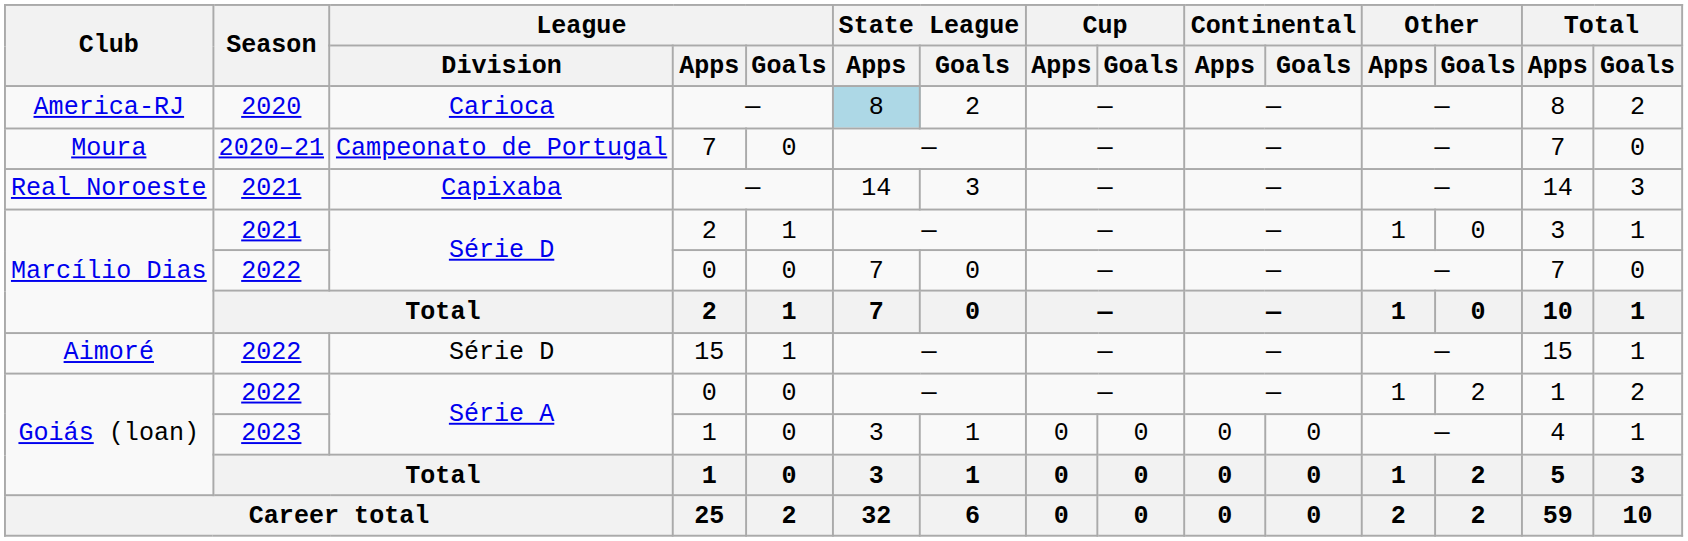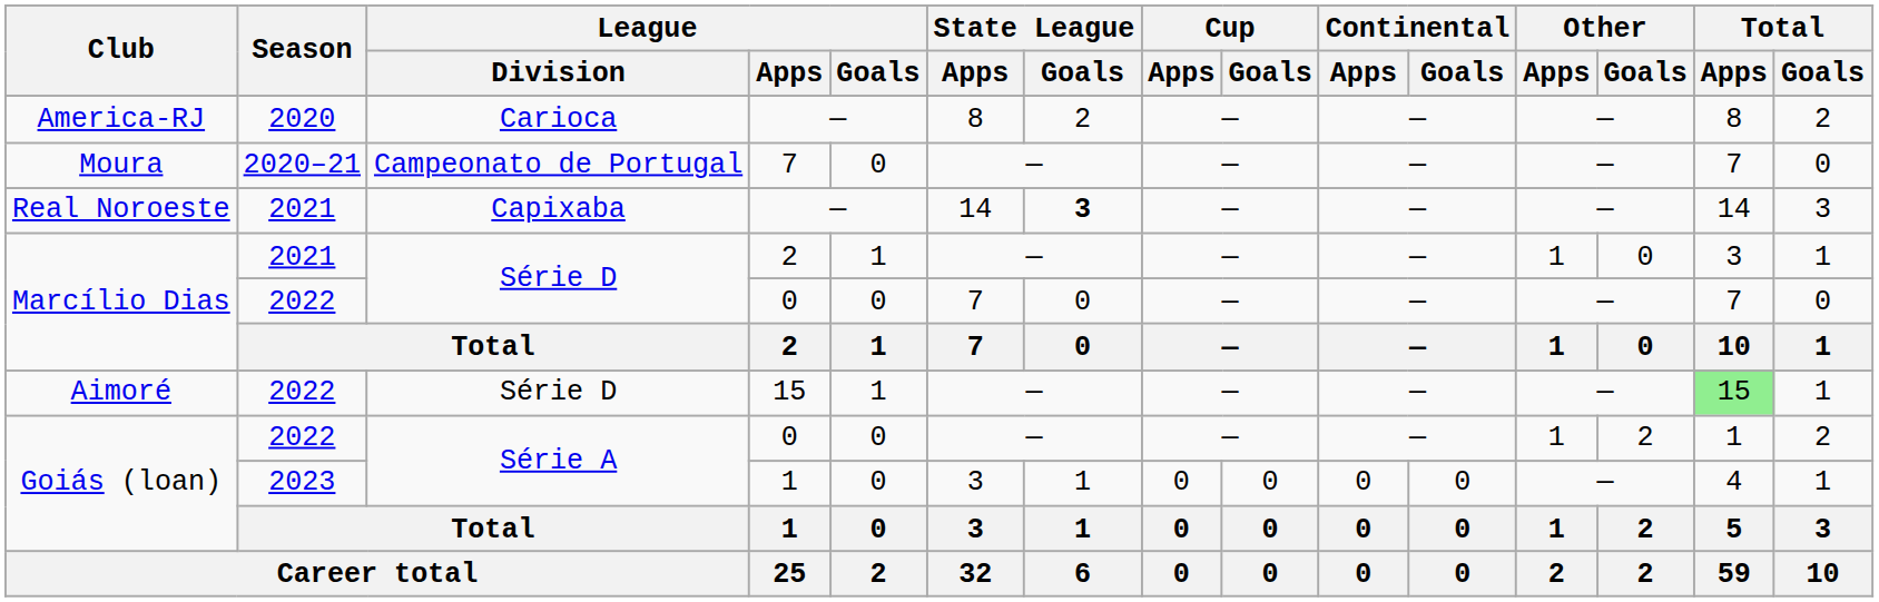 <table class="wikitable" style="text-align: center;">
 <tr>
 <th rowspan="2">Club</th>
 <th rowspan="2">Season</th>
 <th colspan="3">League</th>
 <th colspan="2">State League</th>
 <th colspan="2">Cup</th>
 <th colspan="2">Continental</th>
 <th colspan="2">Other</th>
 <th colspan="2">Total</th>
 </tr>
 <tr>
 <th>Division</th>
 <th>Apps</th>
 <th>Goals</th>
 <th>Apps</th>
 <th>Goals</th>
 <th>Apps</th>
 <th>Goals</th>
 <th>Apps</th>
 <th>Goals</th>
 <th>Apps</th>
 <th>Goals</th>
 <th>Apps</th>
 <th>Goals</th>
 </tr>
 <tr>
 <td valign="center"><a href='#'>America-RJ</a></td>
 <td><a href='#'>2020</a></td>
 <td><a href='#'>Carioca</a></td>
 <td colspan="2">—</td>
-<td style="background: lightblue;">8</td>
+<td>8</td>
 <td>2</td>
 <td colspan="2">—</td>
 <td colspan="2">—</td>
 <td colspan="2">—</td>
 <td>8</td>
 <td>2</td>
 </tr>
 <tr>
 <td valign="center"><a href='#'>Moura</a></td>
 <td><a href='#'>2020–21</a></td>
 <td><a href='#'>Campeonato de Portugal</a></td>
 <td>7</td>
 <td>0</td>
 <td colspan="2">—</td>
 <td colspan="2">—</td>
 <td colspan="2">—</td>
 <td colspan="2">—</td>
 <td>7</td>
 <td>0</td>
 </tr>
 <tr>
 <td valign="center"><a href='#'>Real Noroeste</a></td>
 <td><a href='#'>2021</a></td>
 <td><a href='#'>Capixaba</a></td>
 <td colspan="2">—</td>
 <td>14</td>
-<td>3</td>
+<td><strong>3</strong></td>
 <td colspan="2">—</td>
 <td colspan="2">—</td>
 <td colspan="2">—</td>
 <td>14</td>
 <td>3</td>
 </tr>
 <tr>
 <td rowspan="3" valign="center"><a href='#'>Marcílio Dias</a></td>
 <td><a href='#'>2021</a></td>
 <td rowspan="2"><a href='#'>Série D</a></td>
 <td>2</td>
 <td>1</td>
 <td colspan="2">—</td>
 <td colspan="2">—</td>
 <td colspan="2">—</td>
 <td>1</td>
 <td>0</td>
 <td>3</td>
 <td>1</td>
 </tr>
 <tr>
 <td><a href='#'>2022</a></td>
 <td>0</td>
 <td>0</td>
 <td>7</td>
 <td>0</td>
 <td colspan="2">—</td>
 <td colspan="2">—</td>
 <td colspan="2">—</td>
 <td>7</td>
 <td>0</td>
 </tr>
 <tr>
 <th colspan="2">Total</th>
 <th>2</th>
 <th>1</th>
 <th>7</th>
 <th>0</th>
 <th colspan="2">—</th>
 <th colspan="2">—</th>
 <th>1</th>
 <th>0</th>
 <th>10</th>
 <th>1</th>
 </tr>
 <tr>
 <td valign="center"><a href='#'>Aimoré</a></td>
 <td><a href='#'>2022</a></td>
 <td>Série D</td>
 <td>15</td>
 <td>1</td>
 <td colspan="2">—</td>
 <td colspan="2">—</td>
 <td colspan="2">—</td>
 <td colspan="2">—</td>
-<td>15</td>
+<td style="background: lightgreen;">15</td>
 <td>1</td>
 </tr>
 <tr>
 <td rowspan="3" valign="center"><a href='#'>Goiás</a> (loan)</td>
 <td><a href='#'>2022</a></td>
 <td rowspan="2"><a href='#'>Série A</a></td>
 <td>0</td>
 <td>0</td>
 <td colspan="2">—</td>
 <td colspan="2">—</td>
 <td colspan="2">—</td>
 <td>1</td>
 <td>2</td>
 <td>1</td>
 <td>2</td>
 </tr>
 <tr>
 <td><a href='#'>2023</a></td>
 <td>1</td>
 <td>0</td>
 <td>3</td>
 <td>1</td>
 <td>0</td>
 <td>0</td>
 <td>0</td>
 <td>0</td>
 <td colspan="2">—</td>
 <td>4</td>
 <td>1</td>
 </tr>
 <tr>
 <th colspan="2">Total</th>
 <th>1</th>
 <th>0</th>
 <th>3</th>
 <th>1</th>
 <th>0</th>
 <th>0</th>
 <th>0</th>
 <th>0</th>
 <th>1</th>
 <th>2</th>
 <th>5</th>
 <th>3</th>
 </tr>
 <tr>
 <th colspan="3"><strong>Career total</strong></th>
 <th>25</th>
 <th>2</th>
 <th>32</th>
 <th>6</th>
 <th>0</th>
 <th>0</th>
 <th>0</th>
 <th>0</th>
 <th>2</th>
 <th>2</th>
 <th>59</th>
 <th>10</th>
 </tr>
 </table>
